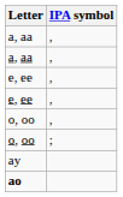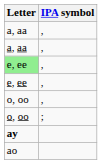 <table class="wikitable">
 <tr>
 <th>Letter</th>
 <th><a href='#'>IPA</a> symbol</th>
 </tr>
 <tr>
 <td>a, aa</td>
 <td>, </td>
 </tr>
 <tr>
 <td><u>a</u>, <u>aa</u></td>
 <td>, </td>
 </tr>
 <tr>
-<td>e, ee</td>
+<td style="background: lightgreen;">e, ee</td>
 <td>, </td>
 </tr>
 <tr>
 <td><u>e</u>, <u>ee</u></td>
 <td>, </td>
 </tr>
 <tr>
 <td>o, oo</td>
 <td>, </td>
 </tr>
 <tr>
 <td><u>o</u>, <u>oo</u></td>
 <td>; </td>
 </tr>
 <tr>
-<td>ay</td>
+<td><strong>ay</strong></td>
 <td></td>
 </tr>
 <tr>
-<td><strong>ao</strong></td>
+<td>ao</td>
 <td></td>
 </tr>
 </table>
